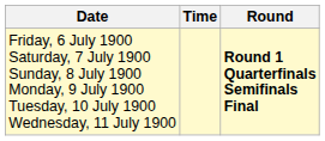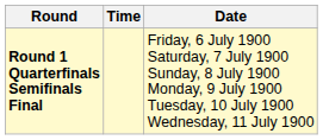 <table class="wikitable">
 <tr>
+<th>Round</th>
+<th>Time</th>
 <th>Date</th>
-<th>Time</th>
-<th>Round</th>
 </tr>
 <tr style=background:lemonchiffon>
+<td><strong>Round 1</strong><br><strong>Quarterfinals</strong><br><strong>Semifinals</strong><br><strong>Final</strong></td>
+<td></td>
 <td>Friday, 6 July 1900<br>Saturday, 7 July 1900<br>Sunday, 8 July 1900<br>Monday, 9 July 1900<br>Tuesday, 10 July 1900<br>Wednesday, 11 July 1900</td>
-<td></td>
-<td><strong>Round 1</strong><br><strong>Quarterfinals</strong><br><strong>Semifinals</strong><br><strong>Final</strong></td>
 </tr>
 </table>
